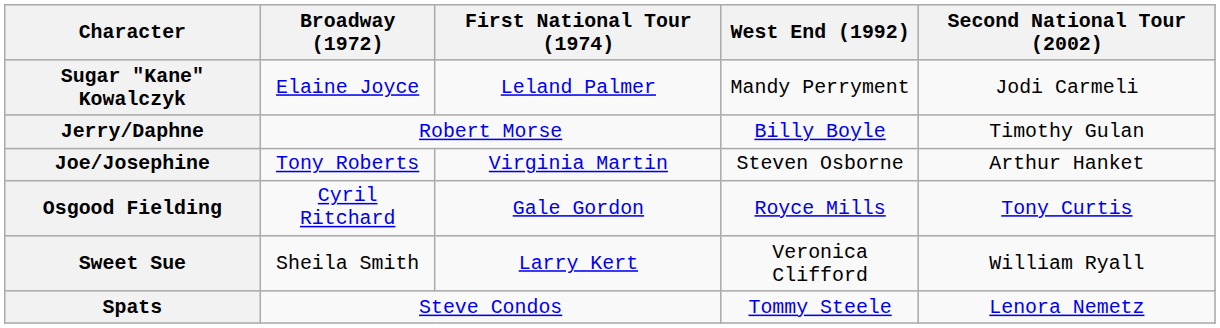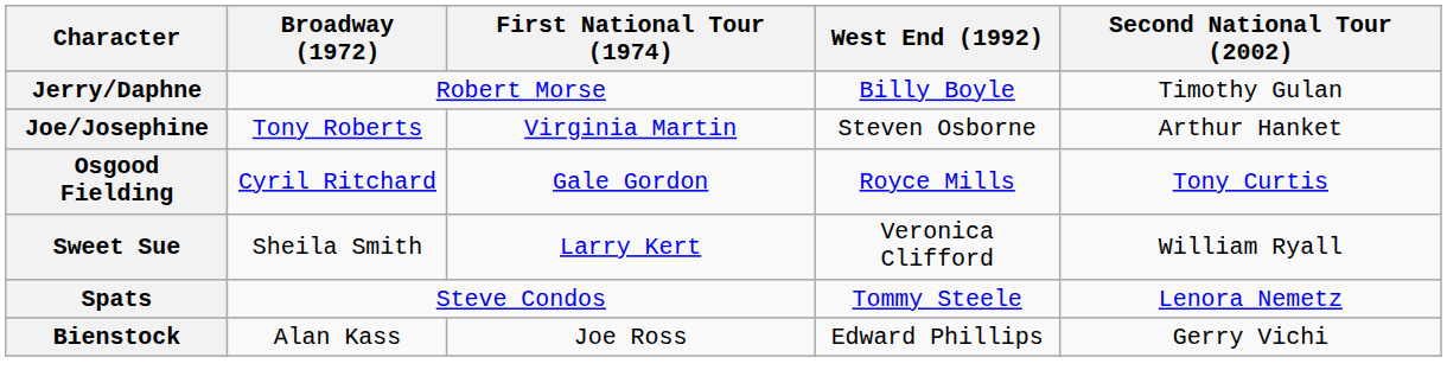 <table class="wikitable" style="width:50%; text-align:center">
 <tr>
 <th scope="col">Character</th>
 <th>Broadway (1972)</th>
 <th>First National Tour (1974)</th>
 <th>West End (1992)</th>
 <th>Second National Tour (2002)</th>
-</tr>
-<tr>
-<th>Sugar "Kane" Kowalczyk</th>
-<td colspan="1"><a href='#'>Elaine Joyce</a></td>
-<td colspan="1"><a href='#'>Leland Palmer</a></td>
-<td colspan="1">Mandy Perryment</td>
-<td colspan="1">Jodi Carmeli</td>
 </tr>
 <tr>
 <th>Jerry/Daphne</th>
 <td colspan="2”"><a href='#'>Robert Morse</a></td>
 <td colspan="1”"><a href='#'>Billy Boyle</a></td>
 <td colspan="1”">Timothy Gulan</td>
 </tr>
 <tr>
 <th>Joe/Josephine</th>
 <td colspan="1”"><a href='#'>Tony Roberts</a></td>
 <td colspan="1"><a href='#'>Virginia Martin</a></td>
 <td colspan="1">Steven Osborne</td>
 <td colspan="1”">Arthur Hanket</td>
 </tr>
 <tr>
 <th>Osgood Fielding</th>
 <td colspan="1"><a href='#'>Cyril Ritchard</a></td>
 <td colspan="1"><a href='#'>Gale Gordon</a></td>
 <td colspan="1"><a href='#'>Royce Mills</a></td>
 <td colspan="1"><a href='#'>Tony Curtis</a></td>
 </tr>
 <tr>
 <th>Sweet Sue</th>
 <td colspan="1">Sheila Smith</td>
 <td colspan="1”"><a href='#'>Larry Kert</a></td>
 <td colspan="1">Veronica Clifford</td>
 <td colspan="1">William Ryall</td>
 </tr>
 <tr>
 <th>Spats</th>
 <td colspan="2"><a href='#'>Steve Condos</a></td>
 <td colspan="1”"><a href='#'>Tommy Steele</a></td>
 <td colspan="1"><a href='#'>Lenora Nemetz</a></td>
 </tr>
+<tr>
+<th>Bienstock</th>
+<td colspan="1">Alan Kass</td>
+<td colspan="1">Joe Ross</td>
+<td colspan="1">Edward Phillips</td>
+<td colspan="1">Gerry Vichi</td>
+</tr>
 </table>
